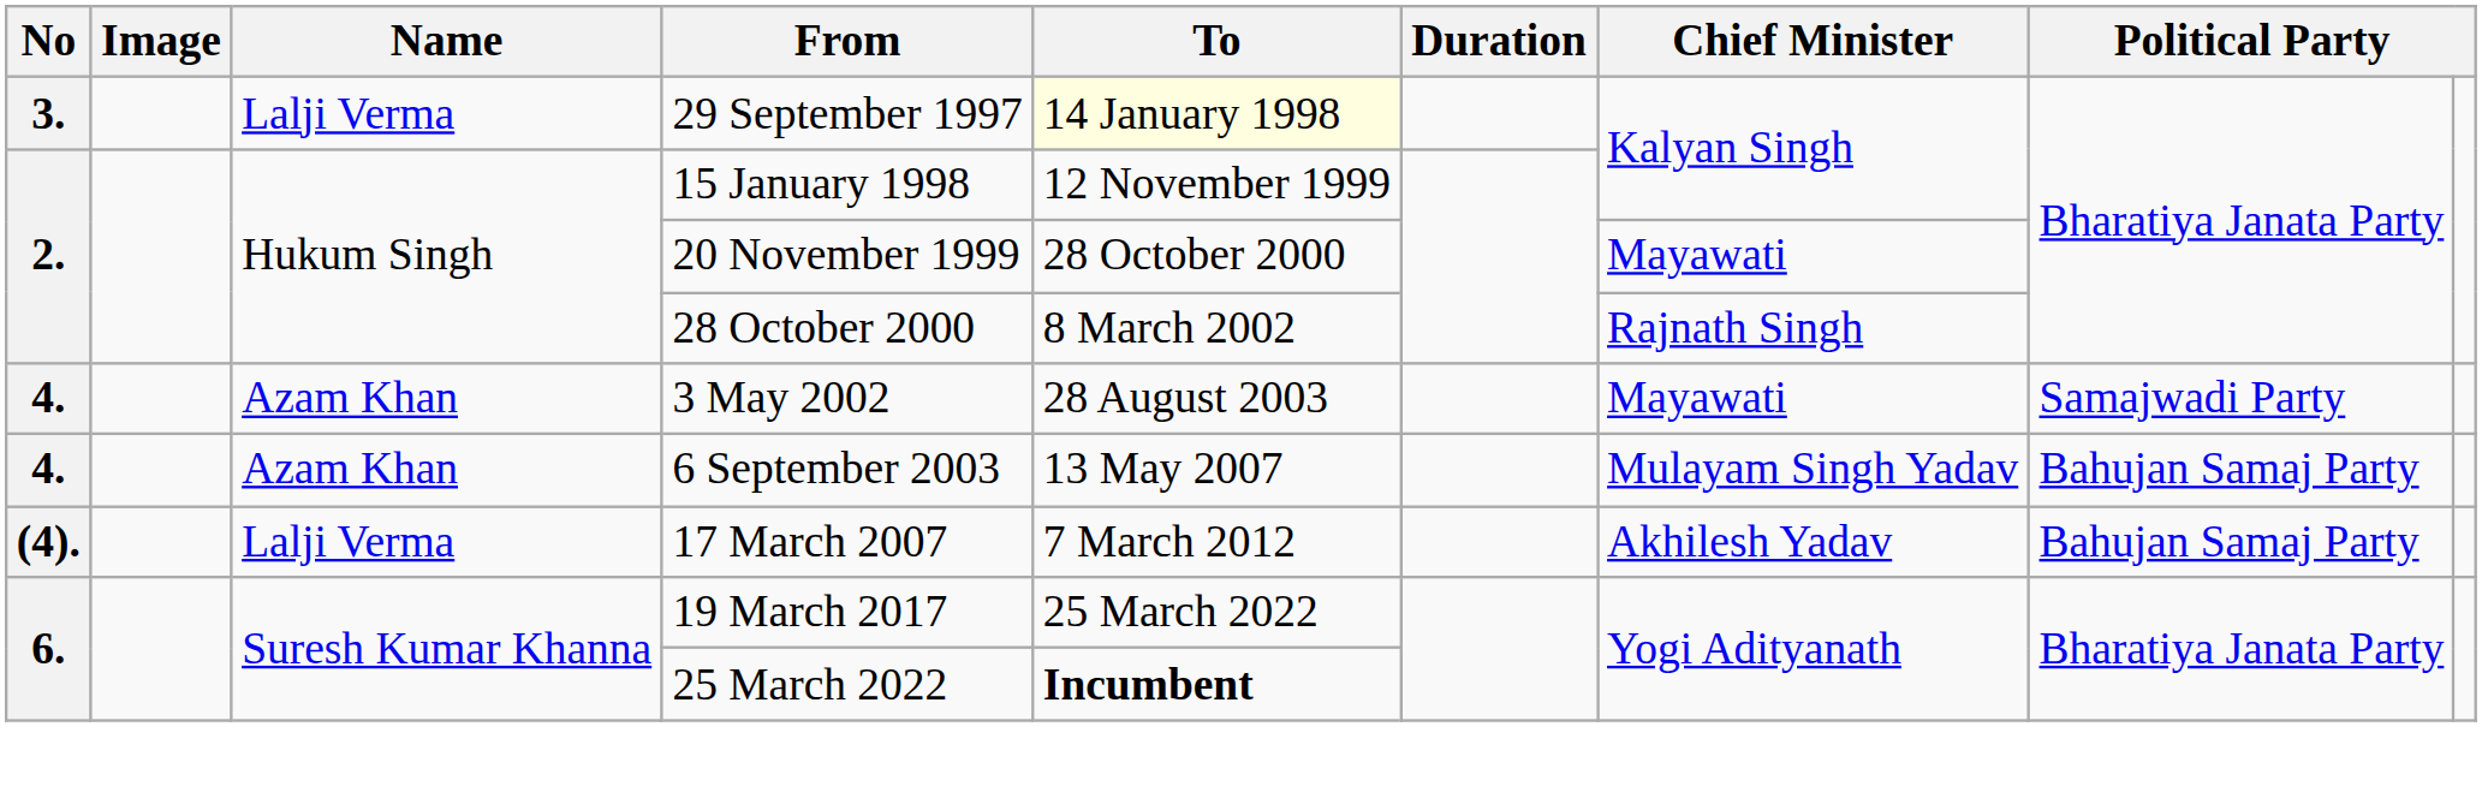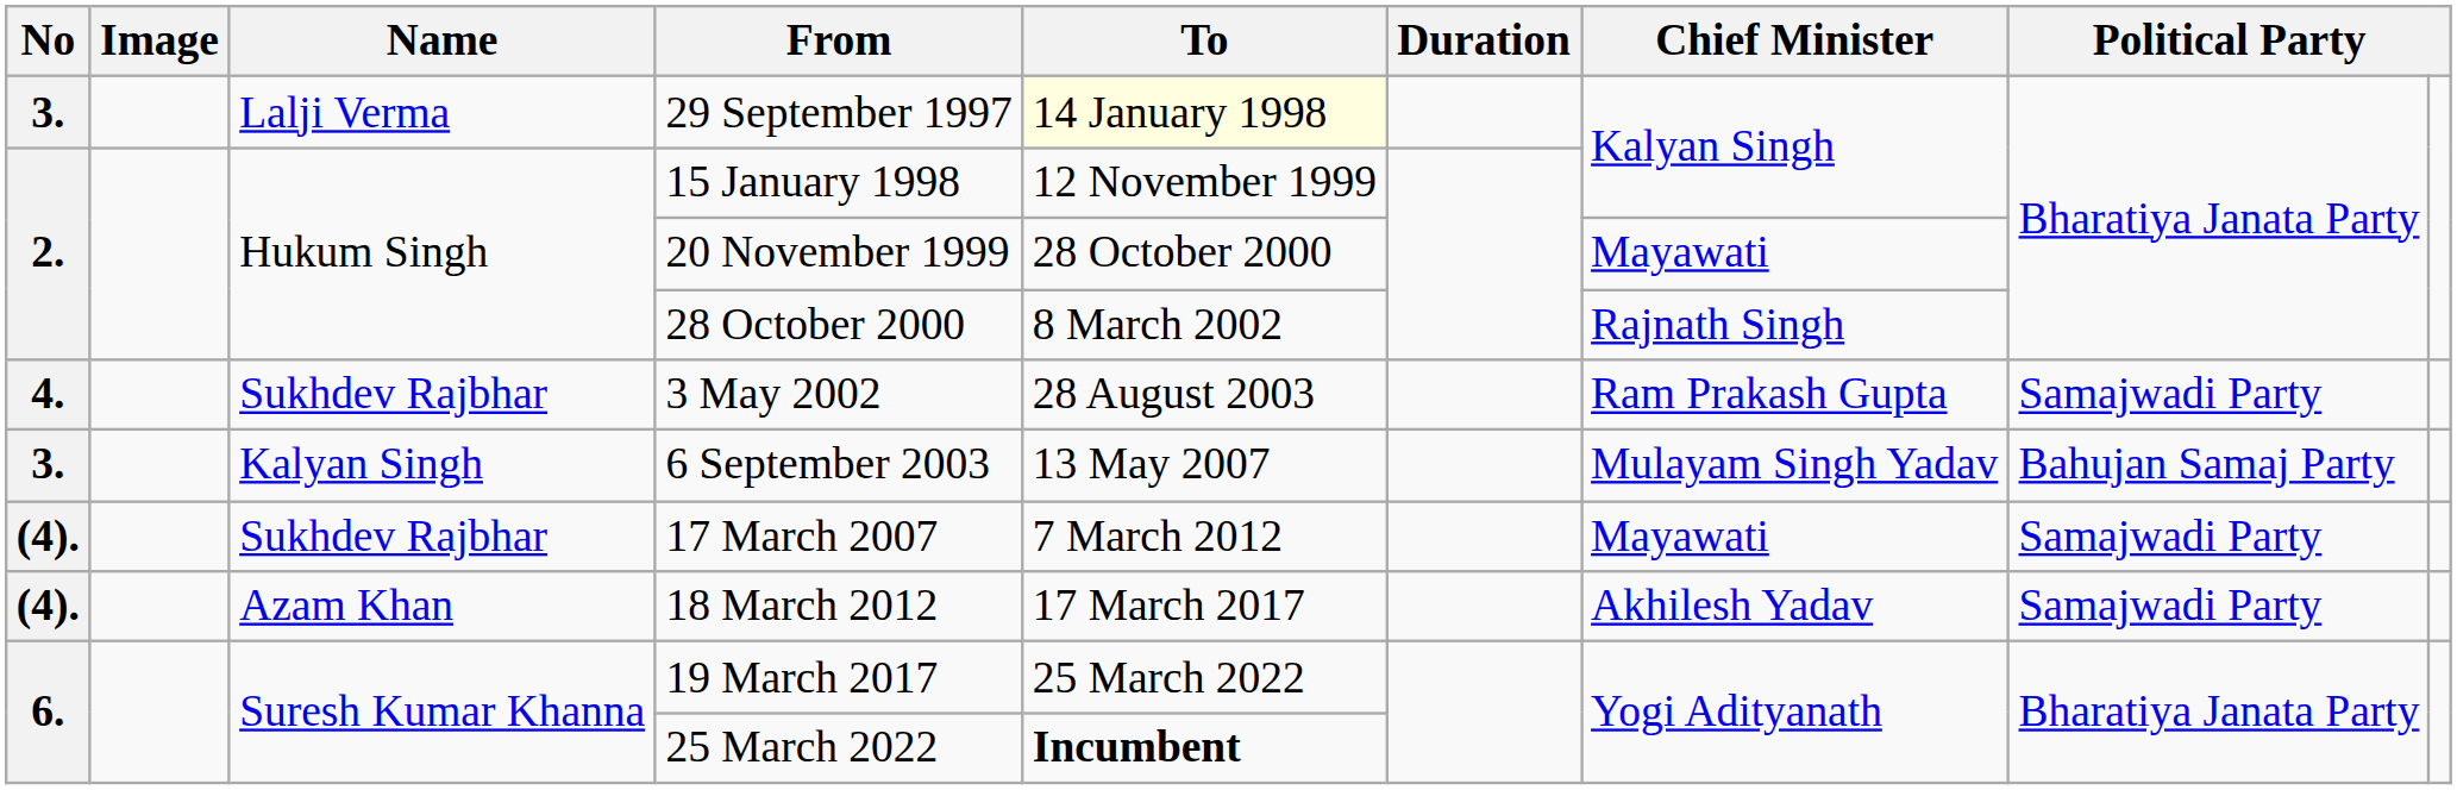 <table class="wikitable sortable">
 <tr>
 <th>No</th>
 <th>Image</th>
 <th>Name</th>
 <th>From</th>
 <th>To</th>
 <th>Duration</th>
 <th>Chief Minister</th>
 <th colspan="2">Political Party</th>
 </tr>
 <tr>
 <th>3.</th>
 <td></td>
 <td><a href='#'>Lalji Verma</a></td>
 <td>29 September 1997</td>
 <td style="background: lightyellow;">14 January 1998</td>
 <td></td>
 <td rowspan="2"><a href='#'>Kalyan Singh</a></td>
 <td rowspan="4"><a href='#'>Bharatiya Janata Party</a></td>
 <td rowspan="4" style="background-color: "></td>
 </tr>
 <tr>
 <th rowspan=3>2.</th>
 <td rowspan="3"></td>
 <td rowspan=3>Hukum Singh</td>
 <td>15 January 1998</td>
 <td>12 November 1999</td>
 <td rowspan=3></td>
 </tr>
 <tr>
 <td>20 November 1999</td>
 <td>28 October 2000</td>
 <td><a href='#'>Mayawati</a></td>
 </tr>
 <tr>
 <td>28 October 2000</td>
 <td>8 March 2002</td>
 <td><a href='#'>Rajnath Singh</a></td>
 </tr>
 <tr>
 <th>4.</th>
 <td></td>
-<td><a href='#'>Azam Khan</a></td>
+<td><a href='#'>Sukhdev Rajbhar</a></td>
 <td>3 May 2002</td>
 <td>28 August 2003</td>
 <td></td>
-<td><a href='#'>Mayawati</a></td>
+<td><a href='#'>Ram Prakash Gupta</a></td>
 <td><a href='#'>Samajwadi Party</a></td>
 <td style="background-color: "></td>
 </tr>
 <tr>
-<th>4.</th>
+<th>3.</th>
 <td></td>
-<td><a href='#'>Azam Khan</a></td>
+<td><a href='#'>Kalyan Singh</a></td>
 <td>6 September 2003</td>
 <td>13 May 2007</td>
 <td></td>
 <td><a href='#'>Mulayam Singh Yadav</a></td>
 <td><a href='#'>Bahujan Samaj Party</a></td>
 <td style="background-color: "></td>
 </tr>
 <tr>
 <th>(4).</th>
 <td></td>
-<td><a href='#'>Lalji Verma</a></td>
+<td><a href='#'>Sukhdev Rajbhar</a></td>
 <td>17 March 2007</td>
 <td>7 March 2012</td>
 <td></td>
+<td><a href='#'>Mayawati</a></td>
+<td><a href='#'>Samajwadi Party</a></td>
+<td style="background-color: "></td>
+</tr>
+<tr>
+<th>(4).</th>
+<td></td>
+<td><a href='#'>Azam Khan</a></td>
+<td>18 March 2012</td>
+<td>17 March 2017</td>
+<td></td>
 <td><a href='#'>Akhilesh Yadav</a></td>
-<td><a href='#'>Bahujan Samaj Party</a></td>
+<td><a href='#'>Samajwadi Party</a></td>
 <td style="background-color: "></td>
 </tr>
 <tr>
 <th rowspan=2>6.</th>
 <td rowspan="2"></td>
 <td rowspan="2"><a href='#'>Suresh Kumar Khanna</a></td>
 <td>19 March 2017</td>
 <td>25 March 2022</td>
 <td rowspan=2></td>
 <td rowspan="2"><a href='#'>Yogi Adityanath</a></td>
 <td rowspan="2"><a href='#'>Bharatiya Janata Party</a></td>
 <td rowspan="2" style="background-color: "></td>
 </tr>
 <tr>
 <td>25 March 2022</td>
 <td><strong>Incumbent</strong></td>
 </tr>
 </table>
